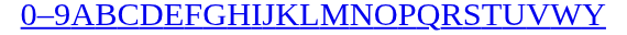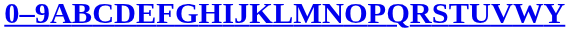 <table id="toc" class="toc" summary="Class" align="center" style="text-align:center;">
 <tr>
 <th></th>
 </tr>
 <tr>
-<td><a href='#'>0–9</a><a href='#'>A</a><a href='#'>B</a><a href='#'>C</a><a href='#'>D</a><a href='#'>E</a><a href='#'>F</a><a href='#'>G</a><a href='#'>H</a><a href='#'>I</a><a href='#'>J</a><a href='#'>K</a><a href='#'>L</a><a href='#'>M</a><a href='#'>N</a><a href='#'>O</a><a href='#'>P</a><a href='#'>Q</a><a href='#'>R</a><a href='#'>S</a><a href='#'>T</a><a href='#'>U</a><a href='#'>V</a><a href='#'>W</a><a href='#'>Y</a></td>
+<td><strong><a href='#'>0–9</a><a href='#'>A</a><a href='#'>B</a><a href='#'>C</a><a href='#'>D</a><a href='#'>E</a><a href='#'>F</a><a href='#'>G</a><a href='#'>H</a><a href='#'>I</a><a href='#'>J</a><a href='#'>K</a><a href='#'>L</a><a href='#'>M</a><a href='#'>N</a><a href='#'>O</a><a href='#'>P</a><a href='#'>Q</a><a href='#'>R</a><a href='#'>S</a><a href='#'>T</a><a href='#'>U</a><a href='#'>V</a><a href='#'>W</a><a href='#'>Y</a></strong></td>
 </tr>
 </table>
